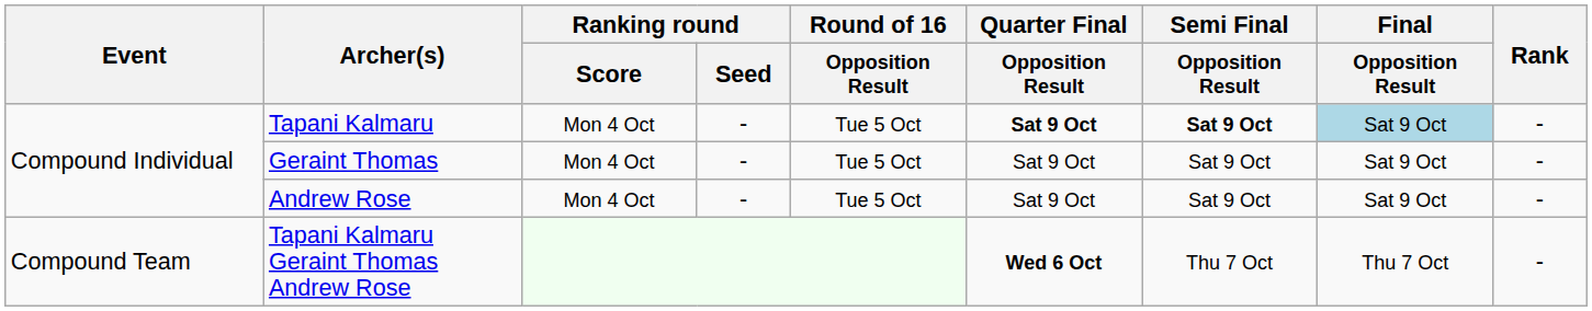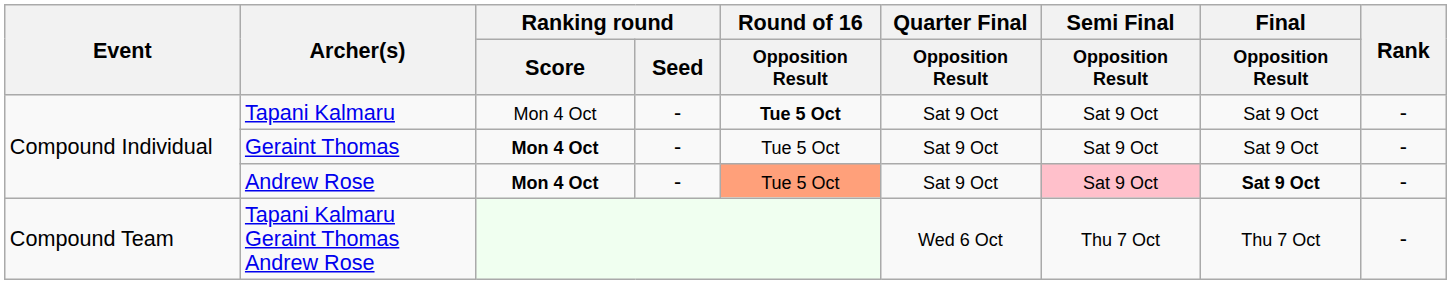 <table class=wikitable style="font-size:90%">
 <tr>
 <th rowspan="2" width=150>Event</th>
 <th rowspan="2" width=150>Archer(s)</th>
 <th colspan="2" width=150>Ranking round</th>
 <th width=100>Round of 16</th>
 <th width=100>Quarter Final</th>
 <th width=100>Semi Final</th>
 <th width=100>Final</th>
 <th rowspan="2" width=50>Rank</th>
 </tr>
 <tr>
 <th width=100>Score</th>
 <th width=50>Seed</th>
 <th style="line-height:1em"><small>Opposition<br>Result</small></th>
 <th style="line-height:1em"><small>Opposition<br>Result</small></th>
 <th style="line-height:1em"><small>Opposition<br>Result</small></th>
 <th style="line-height:1em"><small>Opposition<br>Result</small></th>
 </tr>
 <tr>
 <td rowspan=3>Compound Individual</td>
 <td><a href='#'>Tapani Kalmaru</a></td>
 <td align="center"><small>Mon 4 Oct</small></td>
 <td align="center">-</td>
-<td align="center"><small>Tue 5 Oct</small></td>
-<td align="center"><strong><small>Sat 9 Oct</small></strong></td>
-<td align="center"><strong><small>Sat 9 Oct</small></strong></td>
-<td align="center" style="background: lightblue;"><small>Sat 9 Oct</small></td>
+<td align="center"><strong><small>Tue 5 Oct</small></strong></td>
+<td align="center"><small>Sat 9 Oct</small></td>
+<td align="center"><small>Sat 9 Oct</small></td>
+<td align="center"><small>Sat 9 Oct</small></td>
 <td align="center">-</td>
 </tr>
 <tr>
 <td><a href='#'>Geraint Thomas</a></td>
-<td align="center"><small>Mon 4 Oct</small></td>
+<td align="center"><strong><small>Mon 4 Oct</small></strong></td>
 <td align="center">-</td>
 <td align="center"><small>Tue 5 Oct</small></td>
 <td align="center"><small>Sat 9 Oct</small></td>
 <td align="center"><small>Sat 9 Oct</small></td>
 <td align="center"><small>Sat 9 Oct</small></td>
 <td align="center">-</td>
 </tr>
 <tr>
 <td><a href='#'>Andrew Rose</a></td>
-<td align="center"><small>Mon 4 Oct</small></td>
+<td align="center"><strong><small>Mon 4 Oct</small></strong></td>
 <td align="center">-</td>
-<td align="center"><small>Tue 5 Oct</small></td>
+<td align="center" style="background: lightsalmon;"><small>Tue 5 Oct</small></td>
 <td align="center"><small>Sat 9 Oct</small></td>
-<td align="center"><small>Sat 9 Oct</small></td>
-<td align="center"><small>Sat 9 Oct</small></td>
+<td align="center" style="background: pink;"><small>Sat 9 Oct</small></td>
+<td align="center"><strong><small>Sat 9 Oct</small></strong></td>
 <td align="center">-</td>
 </tr>
 <tr>
 <td>Compound Team</td>
 <td><a href='#'>Tapani Kalmaru</a><br><a href='#'>Geraint Thomas</a><br><a href='#'>Andrew Rose</a></td>
 <td colspan=3 bgcolor="honeydew"></td>
-<td align="center"><strong><small>Wed 6 Oct</small></strong></td>
+<td align="center"><small>Wed 6 Oct</small></td>
 <td align="center"><small>Thu 7 Oct</small></td>
 <td align="center"><small>Thu 7 Oct</small></td>
 <td align="center">-</td>
 </tr>
 </table>
